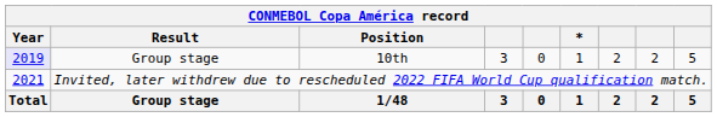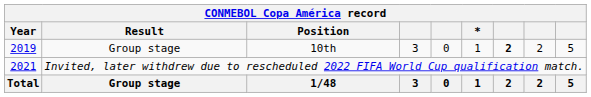 <table class="wikitable" style="text-align: center;">
 <tr>
 <th colspan=9><a href='#'>CONMEBOL Copa América</a> record</th>
 </tr>
 <tr>
 <th>Year</th>
 <th>Result</th>
 <th>Position</th>
 <th></th>
 <th></th>
 <th>*</th>
 <th></th>
 <th></th>
 <th></th>
 </tr>
 <tr>
-<td style="background: lavender;"> <a href='#'>2019</a></td>
+<td> <a href='#'>2019</a></td>
 <td>Group stage</td>
 <td>10th</td>
 <td>3</td>
 <td>0</td>
 <td>1</td>
-<td>2</td>
+<td><strong>2</strong></td>
 <td>2</td>
 <td>5</td>
 </tr>
 <tr>
 <td> <a href='#'>2021</a></td>
 <td colspan=8><em>Invited, later withdrew due to rescheduled <a href='#'>2022 FIFA World Cup qualification</a> match.</em></td>
 </tr>
 <tr>
 <th>Total</th>
 <th>Group stage</th>
 <th>1/48</th>
 <th>3</th>
 <th>0</th>
 <th>1</th>
 <th>2</th>
 <th>2</th>
 <th>5</th>
 </tr>
 </table>
